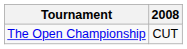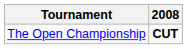 <table class="wikitable" style="font-size:95%;text-align:center;">
 <tr>
 <th>Tournament</th>
 <th>2008</th>
 </tr>
 <tr>
 <td align=left><a href='#'>The Open Championship</a></td>
-<td>CUT</td>
+<td><strong>CUT</strong></td>
 </tr>
 </table>
